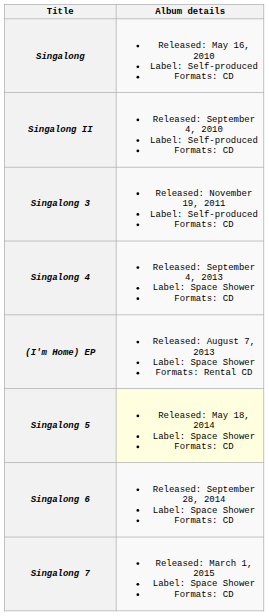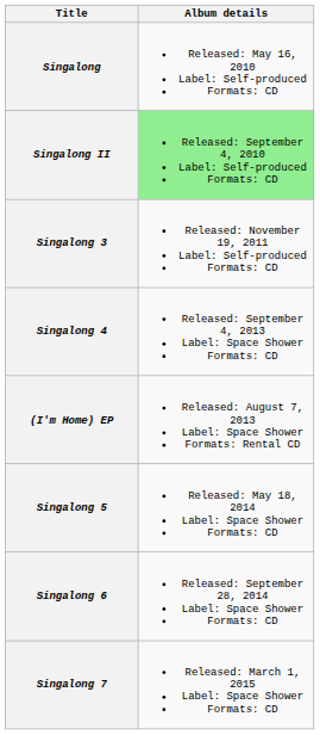 <table class="wikitable plainrowheaders" style="text-align:center;">
 <tr>
 <th style="width:12em;">Title</th>
 <th style="width:16em;">Album details</th>
 </tr>
 <tr>
 <th scope="row"><em>Singalong</em></th>
 <td><br><ul><li>Released: May 16, 2010</li><li>Label: Self-produced</li><li>Formats: CD</li></ul></td>
 </tr>
 <tr>
 <th scope="row"><em>Singalong II</em></th>
-<td><br><ul><li>Released: September 4, 2010</li><li>Label: Self-produced</li><li>Formats: CD</li></ul></td>
+<td style="background: lightgreen;"><br><ul><li>Released: September 4, 2010</li><li>Label: Self-produced</li><li>Formats: CD</li></ul></td>
 </tr>
 <tr>
 <th scope="row"><em>Singalong 3</em></th>
 <td><br><ul><li>Released: November 19, 2011</li><li>Label: Self-produced</li><li>Formats: CD</li></ul></td>
 </tr>
 <tr>
 <th scope="row"><em>Singalong 4</em></th>
 <td><br><ul><li>Released: September 4, 2013</li><li>Label: Space Shower</li><li>Formats: CD</li></ul></td>
 </tr>
 <tr>
 <th scope="row"><em>(I'm Home) EP</em></th>
 <td><br><ul><li>Released: August 7, 2013</li><li>Label: Space Shower</li><li>Formats: Rental CD</li></ul></td>
 </tr>
 <tr>
 <th scope="row"><em>Singalong 5</em></th>
-<td style="background: lightyellow;"><br><ul><li>Released: May 18, 2014</li><li>Label: Space Shower</li><li>Formats: CD</li></ul></td>
+<td><br><ul><li>Released: May 18, 2014</li><li>Label: Space Shower</li><li>Formats: CD</li></ul></td>
 </tr>
 <tr>
 <th scope="row"><em>Singalong 6</em></th>
 <td><br><ul><li>Released: September 28, 2014</li><li>Label: Space Shower</li><li>Formats: CD</li></ul></td>
 </tr>
 <tr>
 <th scope="row"><em>Singalong 7</em></th>
 <td><br><ul><li>Released: March 1, 2015</li><li>Label: Space Shower</li><li>Formats: CD</li></ul></td>
 </tr>
 </table>
